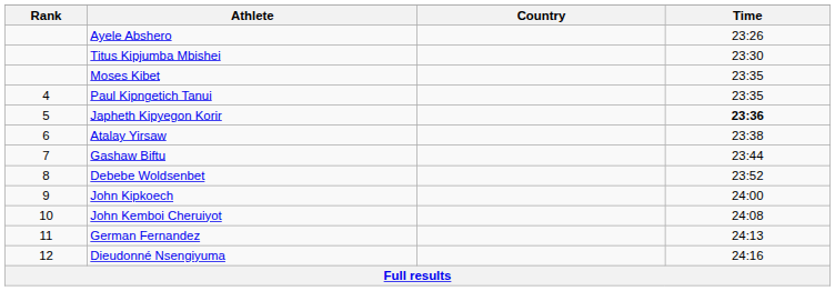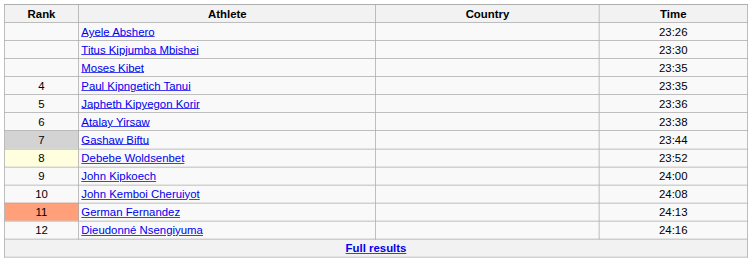 <table class="wikitable sortable" style=" text-align:center; font-size:95%;" width="50%">
 <tr>
 </tr>
 <tr>
 <th width=5%>Rank</th>
 <th width=20%>Athlete</th>
 <th width=15%>Country</th>
 <th width=10%>Time</th>
 </tr>
 <tr>
 <td align=center></td>
 <td align=left><a href='#'>Ayele Abshero</a></td>
 <td align=left></td>
 <td>23:26</td>
 </tr>
 <tr>
 <td align=center></td>
 <td align=left><a href='#'>Titus Kipjumba Mbishei</a></td>
 <td align=left></td>
 <td>23:30</td>
 </tr>
 <tr>
 <td align=center></td>
 <td align=left><a href='#'>Moses Kibet</a></td>
 <td align=left></td>
 <td>23:35</td>
 </tr>
 <tr>
 <td align=center>4</td>
 <td align=left><a href='#'>Paul Kipngetich Tanui</a></td>
 <td align=left></td>
 <td>23:35</td>
 </tr>
 <tr>
 <td align=center>5</td>
 <td align=left><a href='#'>Japheth Kipyegon Korir</a></td>
 <td align=left></td>
-<td><strong>23:36</strong></td>
+<td>23:36</td>
 </tr>
 <tr>
 <td align=center>6</td>
 <td align=left><a href='#'>Atalay Yirsaw</a></td>
 <td align=left></td>
 <td>23:38</td>
 </tr>
 <tr>
-<td align=center>7</td>
+<td align=center style="background: lightgrey;">7</td>
 <td align=left><a href='#'>Gashaw Biftu</a></td>
 <td align=left></td>
 <td>23:44</td>
 </tr>
 <tr>
-<td align=center>8</td>
+<td align=center style="background: lightyellow;">8</td>
 <td align=left><a href='#'>Debebe Woldsenbet</a></td>
 <td align=left></td>
 <td>23:52</td>
 </tr>
 <tr>
 <td align=center>9</td>
 <td align=left><a href='#'>John Kipkoech</a></td>
 <td align=left></td>
 <td>24:00</td>
 </tr>
 <tr>
 <td align=center>10</td>
 <td align=left><a href='#'>John Kemboi Cheruiyot</a></td>
 <td align=left></td>
 <td>24:08</td>
 </tr>
 <tr>
-<td align=center>11</td>
+<td align=center style="background: lightsalmon;">11</td>
 <td align=left><a href='#'>German Fernandez</a></td>
 <td align=left></td>
 <td>24:13</td>
 </tr>
 <tr>
 <td align=center>12</td>
 <td align=left><a href='#'>Dieudonné Nsengiyuma</a></td>
 <td align=left></td>
 <td>24:16</td>
 </tr>
 <tr class="sortbottom">
 <th colspan=4 align=center><a href='#'>Full results</a></th>
 </tr>
 </table>
